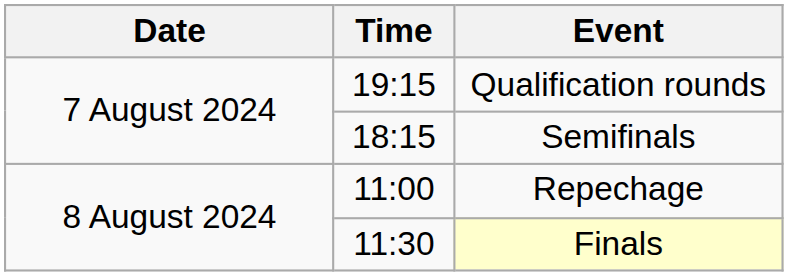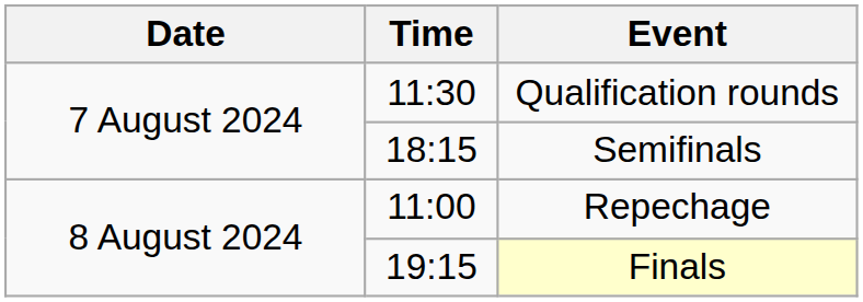 <table class = "wikitable" style="text-align:center;">
 <tr>
 <th width=150>Date</th>
 <th width=50>Time</th>
 <th width=150>Event</th>
 </tr>
 <tr>
 <td rowspan=2>7 August 2024</td>
-<td>19:15</td>
+<td>11:30</td>
 <td>Qualification rounds</td>
 </tr>
 <tr>
 <td>18:15</td>
 <td>Semifinals</td>
 </tr>
 <tr>
 <td rowspan=2>8 August 2024</td>
 <td>11:00</td>
 <td>Repechage</td>
 </tr>
 <tr>
-<td>11:30</td>
+<td>19:15</td>
 <td bgcolor=ffffcc>Finals</td>
 </tr>
 </table>
